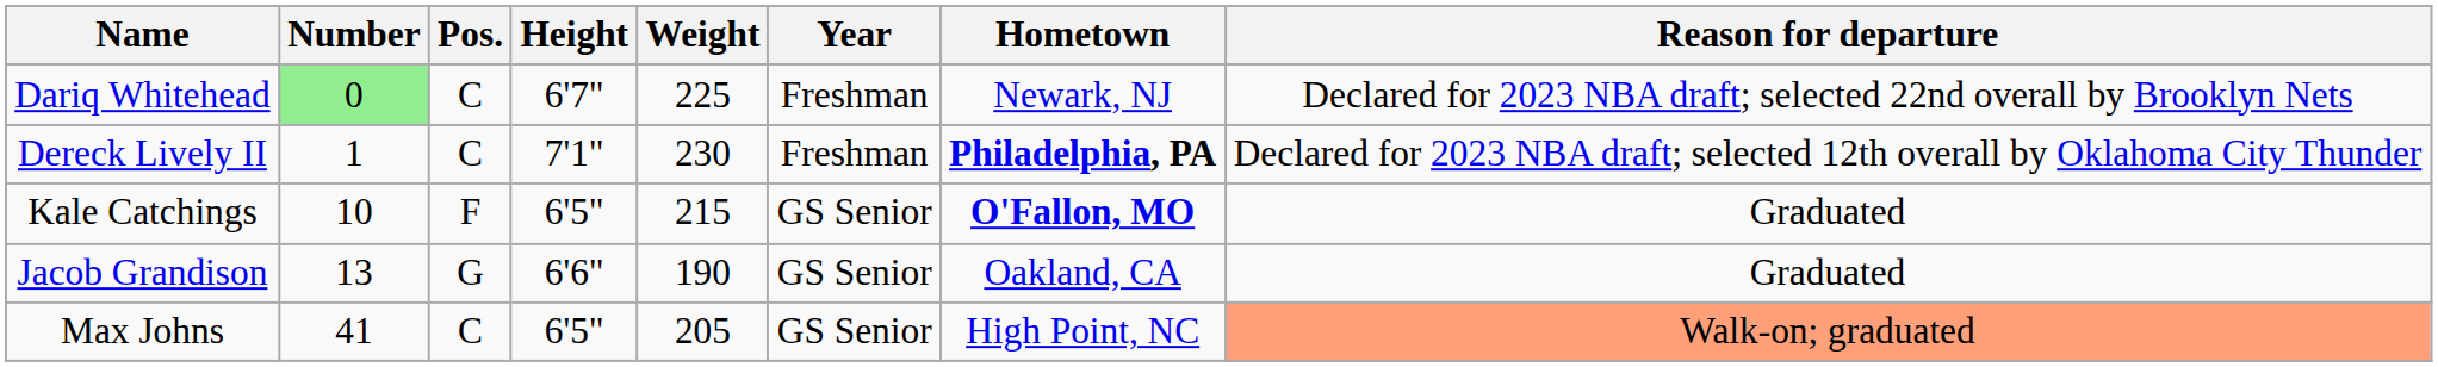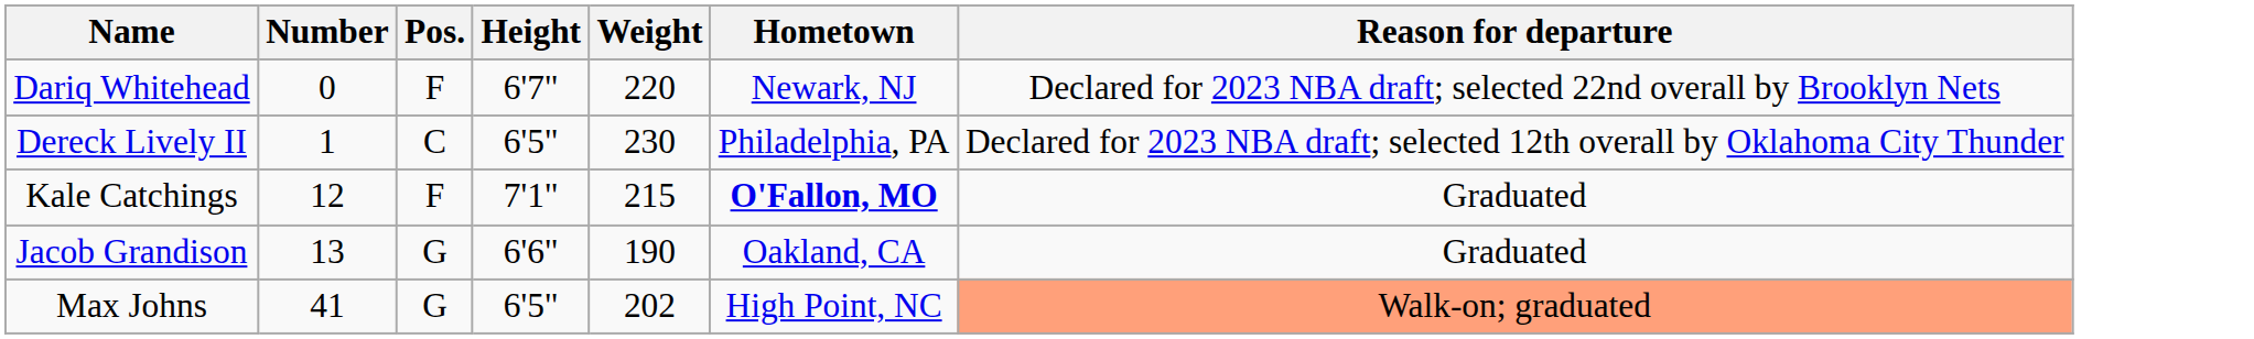 <table class="wikitable sortable" style="text-align: center">
 <tr align=center>
 <th>Name</th>
 <th>Number</th>
 <th>Pos.</th>
 <th>Height</th>
 <th>Weight</th>
-<th>Year</th>
 <th>Hometown</th>
 <th>Reason for departure</th>
 </tr>
 <tr>
 <td><a href='#'>Dariq Whitehead</a></td>
-<td style="background: lightgreen;">0</td>
-<td>C</td>
+<td>0</td>
+<td>F</td>
 <td>6'7"</td>
-<td>225</td>
-<td>Freshman</td>
+<td>220</td>
 <td><a href='#'>Newark, NJ</a></td>
 <td>Declared for <a href='#'>2023 NBA draft</a>; selected 22nd overall by <a href='#'>Brooklyn Nets</a></td>
 </tr>
 <tr>
 <td><a href='#'>Dereck Lively II</a></td>
 <td>1</td>
 <td>C</td>
-<td>7'1"</td>
+<td>6'5"</td>
 <td>230</td>
-<td>Freshman</td>
-<td><strong><a href='#'>Philadelphia</a>, PA</strong></td>
+<td><a href='#'>Philadelphia</a>, PA</td>
 <td>Declared for <a href='#'>2023 NBA draft</a>; selected 12th overall by <a href='#'>Oklahoma City Thunder</a></td>
 </tr>
 <tr>
 <td>Kale Catchings</td>
-<td>10</td>
+<td>12</td>
 <td>F</td>
-<td>6'5"</td>
+<td>7'1"</td>
 <td>215</td>
-<td>GS Senior</td>
 <td><strong><a href='#'>O'Fallon, MO</a></strong></td>
 <td>Graduated</td>
 </tr>
 <tr>
 <td><a href='#'>Jacob Grandison</a></td>
 <td>13</td>
 <td>G</td>
 <td>6'6"</td>
 <td>190</td>
-<td>GS Senior</td>
 <td><a href='#'>Oakland, CA</a></td>
 <td>Graduated</td>
 </tr>
 <tr>
 <td>Max Johns</td>
 <td>41</td>
-<td>C</td>
+<td>G</td>
 <td>6'5"</td>
-<td>205</td>
-<td>GS Senior</td>
+<td>202</td>
 <td><a href='#'>High Point, NC</a></td>
 <td style="background: lightsalmon;">Walk-on; graduated</td>
 </tr>
 </table>
